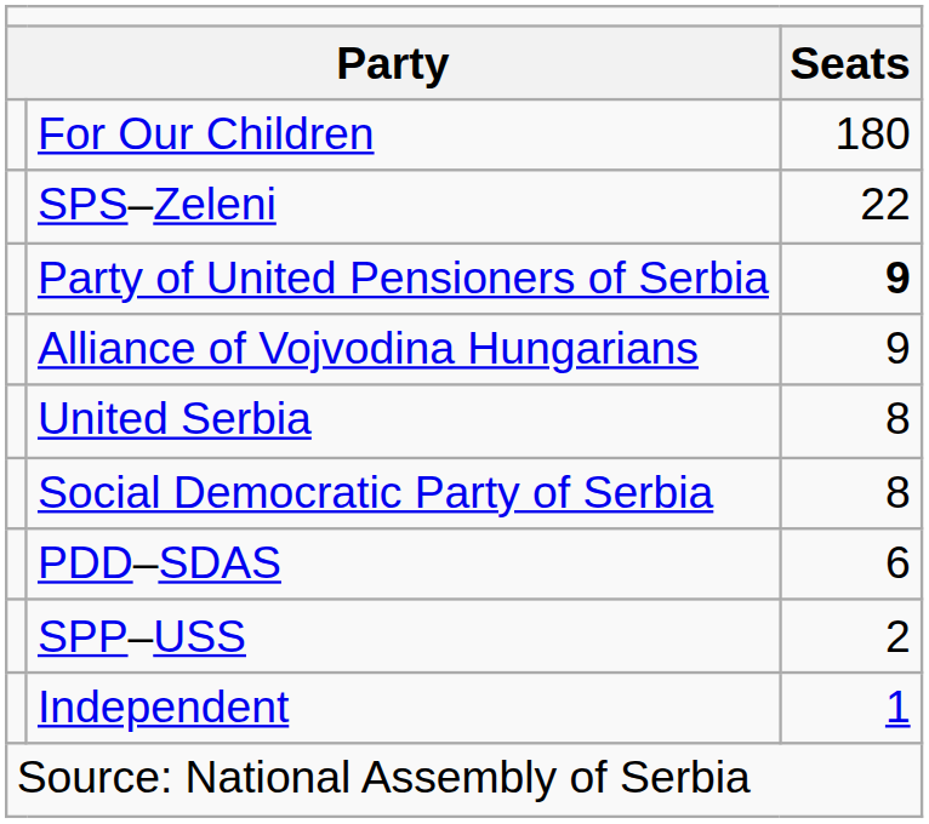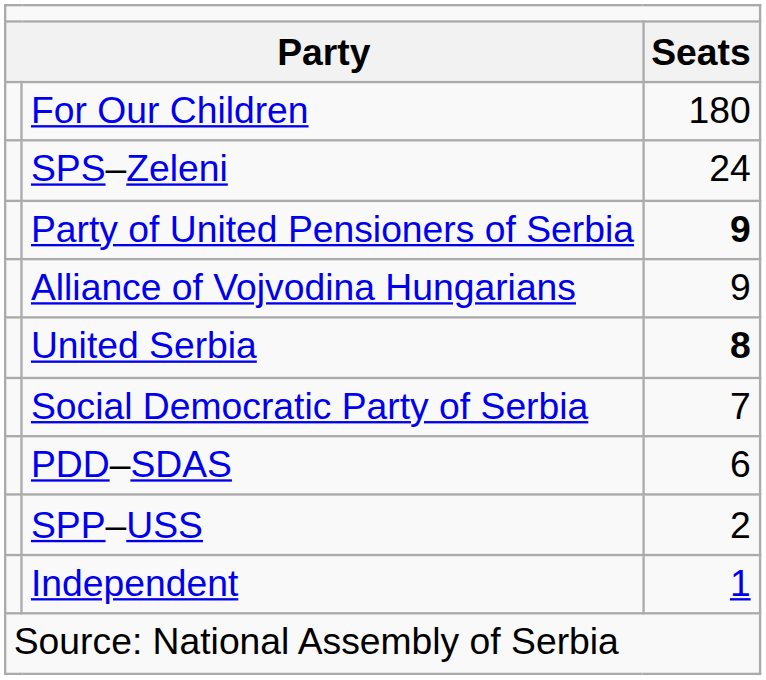 <table class="wikitable" style="text-align:right">
 <tr>
 <td colspan="7"></td>
 </tr>
 <tr>
 <th colspan="2">Party</th>
 <th>Seats</th>
 </tr>
 <tr>
 <td></td>
 <td align="left"><a href='#'>For Our Children</a></td>
 <td>180</td>
 </tr>
 <tr>
 <td></td>
 <td align="left"><a href='#'>SPS</a>–<a href='#'>Zeleni</a></td>
-<td>22</td>
+<td>24</td>
 </tr>
 <tr>
 <td></td>
 <td align="left"><a href='#'>Party of United Pensioners of Serbia</a></td>
 <td><strong>9</strong></td>
 </tr>
 <tr>
 <td></td>
 <td align="left"><a href='#'>Alliance of Vojvodina Hungarians</a></td>
 <td>9</td>
 </tr>
 <tr>
 <td></td>
 <td align="left"><a href='#'>United Serbia</a></td>
-<td>8</td>
+<td><strong>8</strong></td>
 </tr>
 <tr>
 <td></td>
 <td align="left"><a href='#'>Social Democratic Party of Serbia</a></td>
-<td>8</td>
+<td>7</td>
 </tr>
 <tr>
 <td></td>
 <td align="left"><a href='#'>PDD</a>–<a href='#'>SDAS</a></td>
 <td>6</td>
 </tr>
 <tr>
 <td></td>
 <td align="left"><a href='#'>SPP</a>–<a href='#'>USS</a></td>
 <td>2</td>
 </tr>
 <tr>
 <td></td>
 <td align="left"><a href='#'>Independent</a></td>
 <td><a href='#'>1</a></td>
 </tr>
 <tr>
 <td colspan="3" style="text-align:left">Source: National Assembly of Serbia</td>
 </tr>
 </table>
